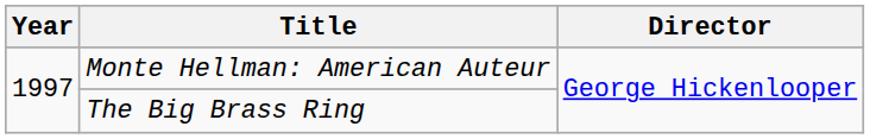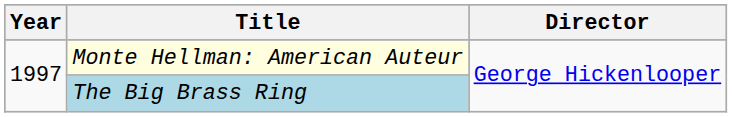 <table class="wikitable">
 <tr>
 <th>Year</th>
 <th>Title</th>
 <th>Director</th>
 </tr>
 <tr>
 <td rowspan=2>1997</td>
-<td><em>Monte Hellman: American Auteur</em></td>
+<td style="background: lightyellow;"><em>Monte Hellman: American Auteur</em></td>
 <td rowspan=2><a href='#'>George Hickenlooper</a></td>
 </tr>
 <tr>
-<td><em>The Big Brass Ring</em></td>
+<td style="background: lightblue;"><em>The Big Brass Ring</em></td>
 </tr>
 </table>
